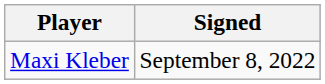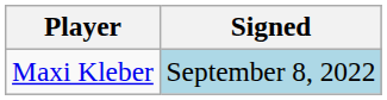 <table class="wikitable sortable sortable">
 <tr>
 <th>Player</th>
 <th>Signed</th>
 </tr>
 <tr style="text-align: center">
 <td><a href='#'>Maxi Kleber</a></td>
-<td>September 8, 2022</td>
+<td style="background: lightblue;">September 8, 2022</td>
 </tr>
 </table>
